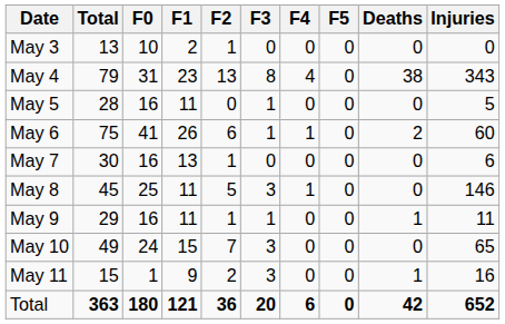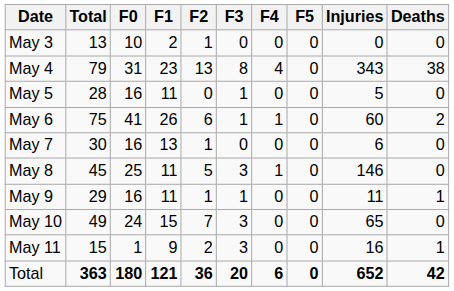 <table class="wikitable sortable" style="margin: 1em auto 1em auto;">
 <tr>
 <th scope="col">Date</th>
 <th scope="col" align="center">Total</th>
 <th scope="col" align="center"> F0 </th>
 <th scope="col" align="center"> F1 </th>
 <th scope="col" align="center"> F2 </th>
 <th scope="col" align="center"> F3 </th>
 <th scope="col" align="center"> F4 </th>
 <th scope="col" align="center"> F5 </th>
+<th scope="col" align="center">Injuries</th>
 <th scope="col" align="center">Deaths</th>
-<th scope="col" align="center">Injuries</th>
 </tr>
 <tr>
 <td>May 3</td>
 <td align="right">13</td>
 <td align="right">10</td>
 <td align="right">2</td>
 <td align="right">1</td>
 <td align="right">0</td>
 <td align="right">0</td>
 <td align="right">0</td>
 <td align="right">0</td>
 <td align="right">0</td>
 </tr>
 <tr>
 <td>May 4</td>
 <td align="right">79</td>
 <td align="right">31</td>
 <td align="right">23</td>
 <td align="right">13</td>
 <td align="right">8</td>
 <td align="right">4</td>
 <td align="right">0</td>
+<td align="right">343</td>
 <td align="right">38</td>
-<td align="right">343</td>
 </tr>
 <tr>
 <td>May 5</td>
 <td align="right">28</td>
 <td align="right">16</td>
 <td align="right">11</td>
 <td align="right">0</td>
 <td align="right">1</td>
 <td align="right">0</td>
 <td align="right">0</td>
+<td align="right">5</td>
 <td align="right">0</td>
-<td align="right">5</td>
 </tr>
 <tr>
 <td>May 6</td>
 <td align="right">75</td>
 <td align="right">41</td>
 <td align="right">26</td>
 <td align="right">6</td>
 <td align="right">1</td>
 <td align="right">1</td>
 <td align="right">0</td>
+<td align="right">60</td>
 <td align="right">2</td>
-<td align="right">60</td>
 </tr>
 <tr>
 <td>May 7</td>
 <td align="right">30</td>
 <td align="right">16</td>
 <td align="right">13</td>
 <td align="right">1</td>
 <td align="right">0</td>
 <td align="right">0</td>
 <td align="right">0</td>
+<td align="right">6</td>
 <td align="right">0</td>
-<td align="right">6</td>
 </tr>
 <tr>
 <td>May 8</td>
 <td align="right">45</td>
 <td align="right">25</td>
 <td align="right">11</td>
 <td align="right">5</td>
 <td align="right">3</td>
 <td align="right">1</td>
 <td align="right">0</td>
+<td align="right">146</td>
 <td align="right">0</td>
-<td align="right">146</td>
 </tr>
 <tr>
 <td>May 9</td>
 <td align="right">29</td>
 <td align="right">16</td>
 <td align="right">11</td>
 <td align="right">1</td>
 <td align="right">1</td>
 <td align="right">0</td>
 <td align="right">0</td>
+<td align="right">11</td>
 <td align="right">1</td>
-<td align="right">11</td>
 </tr>
 <tr>
 <td>May 10</td>
 <td align="right">49</td>
 <td align="right">24</td>
 <td align="right">15</td>
 <td align="right">7</td>
 <td align="right">3</td>
 <td align="right">0</td>
 <td align="right">0</td>
+<td align="right">65</td>
 <td align="right">0</td>
-<td align="right">65</td>
 </tr>
 <tr>
 <td>May 11</td>
 <td align="right">15</td>
 <td align="right">1</td>
 <td align="right">9</td>
 <td align="right">2</td>
 <td align="right">3</td>
 <td align="right">0</td>
 <td align="right">0</td>
+<td align="right">16</td>
 <td align="right">1</td>
-<td align="right">16</td>
 </tr>
 <tr class="sortbottom">
 <td>Total</td>
 <td align="right"><strong>363</strong></td>
 <td align="right"><strong>180</strong></td>
 <td align="right"><strong>121</strong></td>
 <td align="right"><strong>36</strong></td>
 <td align="right"><strong>20</strong></td>
 <td align="right"><strong>6</strong></td>
 <td align="right"><strong>0</strong></td>
+<td style="text-align:right;"><strong>652</strong></td>
 <td style="text-align:right;"><strong>42</strong></td>
-<td style="text-align:right;"><strong>652</strong></td>
 </tr>
 </table>
